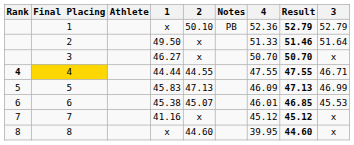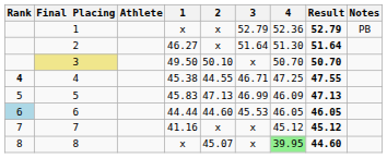 <table class="wikitable sortable" style="text-align:center">
 <tr>
 <th>Rank</th>
 <th>Final Placing</th>
 <th>Athlete</th>
 <th>1</th>
 <th>2</th>
-<th>Notes</th>
+<th>3</th>
 <th>4</th>
 <th>Result</th>
-<th>3</th>
+<th>Notes</th>
 </tr>
 <tr>
 <td></td>
 <td>1</td>
 <td align=left></td>
 <td>x</td>
-<td>50.10</td>
-<td>PB</td>
+<td>x</td>
+<td>52.79</td>
 <td>52.36</td>
 <td><strong>52.79</strong></td>
-<td>52.79</td>
+<td>PB</td>
 </tr>
 <tr>
 <td></td>
 <td>2</td>
 <td align=left></td>
-<td>49.50</td>
+<td>46.27</td>
 <td>x</td>
+<td>51.64</td>
+<td>51.30</td>
+<td><strong>51.64</strong></td>
 <td></td>
-<td>51.33</td>
-<td><strong>51.46</strong></td>
-<td>51.64</td>
 </tr>
 <tr>
 <td></td>
-<td>3</td>
+<td style="background: khaki;">3</td>
 <td align=left></td>
-<td>46.27</td>
+<td>49.50</td>
+<td>50.10</td>
 <td>x</td>
-<td></td>
 <td>50.70</td>
 <td><strong>50.70</strong></td>
-<td>x</td>
+<td></td>
 </tr>
 <tr>
 <td><strong>4</strong></td>
-<td style="background: gold;">4</td>
+<td>4</td>
 <td align=left></td>
-<td>44.44</td>
+<td>45.38</td>
 <td>44.55</td>
+<td>46.71</td>
+<td>47.25</td>
+<td><strong>47.55</strong></td>
 <td></td>
-<td>47.55</td>
-<td><strong>47.55</strong></td>
-<td>46.71</td>
 </tr>
 <tr>
 <td>5</td>
 <td>5</td>
 <td align=left></td>
 <td>45.83</td>
 <td>47.13</td>
-<td></td>
+<td>46.99</td>
 <td>46.09</td>
 <td><strong>47.13</strong></td>
-<td>46.99</td>
+<td></td>
 </tr>
 <tr>
-<td>6</td>
+<td style="background: lightblue;">6</td>
 <td>6</td>
 <td align=left></td>
-<td>45.38</td>
-<td>45.07</td>
+<td>44.44</td>
+<td>44.60</td>
+<td>45.53</td>
+<td>46.05</td>
+<td><strong>46.05</strong></td>
 <td></td>
-<td>46.01</td>
-<td><strong>46.85</strong></td>
-<td>45.53</td>
 </tr>
 <tr>
 <td>7</td>
 <td>7</td>
 <td align=left></td>
 <td>41.16</td>
 <td>x</td>
-<td></td>
+<td>x</td>
 <td>45.12</td>
 <td><strong>45.12</strong></td>
-<td>x</td>
+<td></td>
 </tr>
 <tr>
 <td>8</td>
 <td>8</td>
 <td align=left></td>
 <td>x</td>
-<td>44.60</td>
+<td>45.07</td>
+<td>x</td>
+<td style="background: lightgreen;">39.95</td>
+<td><strong>44.60</strong></td>
 <td></td>
-<td>39.95</td>
-<td><strong>44.60</strong></td>
-<td>x</td>
 </tr>
 </table>
